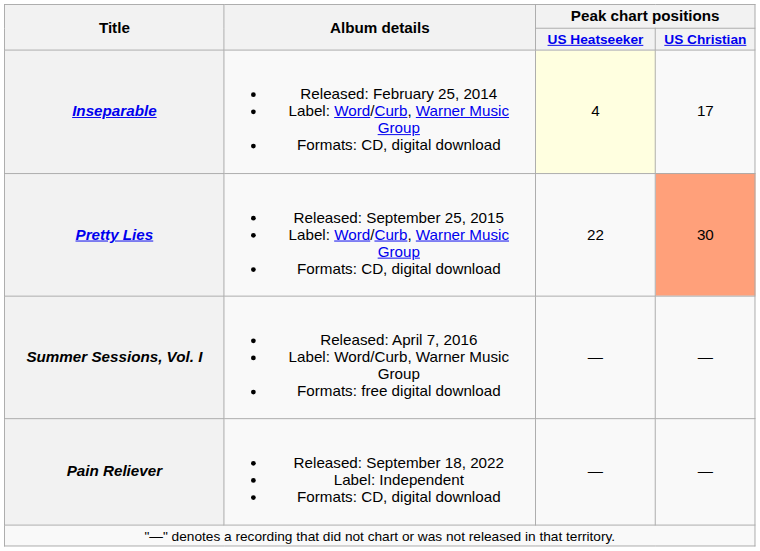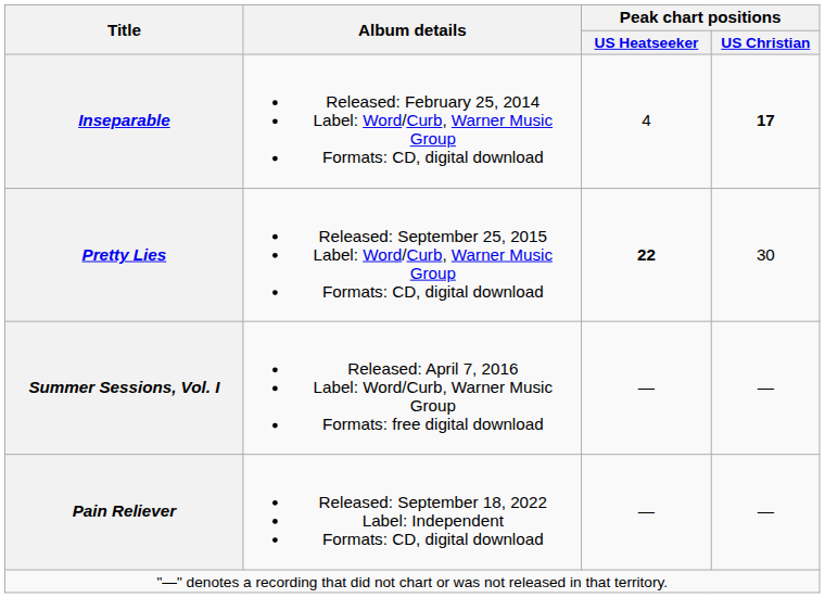 <table class="wikitable sortable plainrowheaders" style="text-align:center;">
 <tr>
 <th rowspan="2" scope="col" style="width:14em;">Title</th>
 <th rowspan="2" scope="col" style="width:20em;">Album details</th>
 <th colspan="5" scope="col" style="width:14em;">Peak chart positions</th>
 </tr>
 <tr>
 <th scope="col" style="width:3em;font-size:90%;"><a href='#'>US Heatseeker</a><br></th>
 <th scope="col" style="width:3em;font-size:90%;"><a href='#'>US Christian</a><br></th>
 </tr>
 <tr>
 <th scope="row"><em><a href='#'>Inseparable</a></em></th>
 <td><br><ul><li>Released: February 25, 2014</li><li>Label: <a href='#'>Word</a>/<a href='#'>Curb</a>, <a href='#'>Warner Music Group</a></li><li>Formats: CD, digital download</li></ul></td>
-<td style="background: lightyellow;">4</td>
-<td>17</td>
+<td>4</td>
+<td><strong>17</strong></td>
 </tr>
 <tr>
 <th scope="row"><em><a href='#'>Pretty Lies</a></em></th>
 <td><br><ul><li>Released: September 25, 2015</li><li>Label: <a href='#'>Word</a>/<a href='#'>Curb</a>, <a href='#'>Warner Music Group</a></li><li>Formats: CD, digital download</li></ul></td>
-<td>22</td>
-<td style="background: lightsalmon;">30</td>
+<td><strong>22</strong></td>
+<td>30</td>
 </tr>
 <tr>
 <th scope="row"><em>Summer Sessions, Vol. I</em></th>
 <td><br><ul><li>Released: April 7, 2016</li><li>Label: Word/Curb, Warner Music Group</li><li>Formats: free digital download</li></ul></td>
 <td>—</td>
 <td>—</td>
 </tr>
 <tr>
 <th scope="row"><em>Pain Reliever</em></th>
 <td><br><ul><li>Released: September 18, 2022</li><li>Label: Independent</li><li>Formats: CD, digital download</li></ul></td>
 <td>—</td>
 <td>—</td>
 </tr>
 <tr>
 <td colspan="4" style="font-size:90%">"—" denotes a recording that did not chart or was not released in that territory.</td>
 </tr>
 </table>
